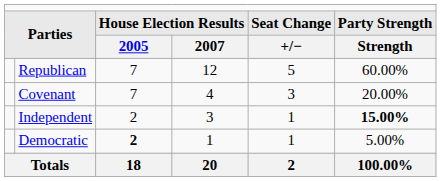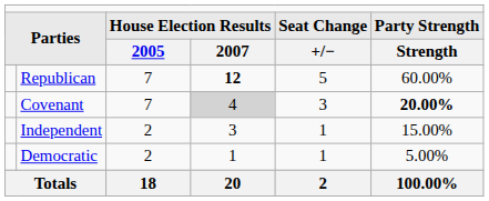 <table class   ="wikitable">
 <tr>
 <td colspan="6"></td>
 </tr>
 <tr>
 <th style   ="background:#e9e9e9; text-align:center" rowspan="2" colspan="2">Parties</th>
 <th style   ="background:#e9e9e9; text-align:center" colspan="2">House Election Results</th>
 <th style   ="background:#e9e9e9; text-align:center" colspan="1">Seat Change</th>
 <th style   ="background:#e9e9e9; text-align:center" colspan="1">Party Strength</th>
 </tr>
 <tr style ="background:#e9e9e9">
 <th><a href='#'>2005</a></th>
 <th>2007</th>
 <th>+/−</th>
 <th>Strength</th>
 </tr>
 <tr>
 <td style="background-color:"> </td>
 <td><a href='#'>Republican</a></td>
 <td align = center>7</td>
-<td align = center>12</td>
+<td align = center><strong>12</strong></td>
 <td align = center>5 </td>
 <td align = center>60.00%</td>
 </tr>
 <tr>
 <td style="background-color:"> </td>
 <td><a href='#'>Covenant</a></td>
 <td align = center>7</td>
-<td align = center>4</td>
+<td align = center style="background: lightgrey;">4</td>
 <td align = center>3 </td>
-<td align = center>20.00%</td>
+<td align = center><strong>20.00%</strong></td>
 </tr>
 <tr>
 <td style="background-color:"> </td>
 <td><a href='#'>Independent</a></td>
 <td align = center>2</td>
 <td align = center>3</td>
 <td align = center>1 </td>
-<td align = center><strong>15.00%</strong></td>
+<td align = center>15.00%</td>
 </tr>
 <tr>
 <td style="background-color:"> </td>
 <td><a href='#'>Democratic</a></td>
-<td align = center><strong>2</strong></td>
+<td align = center>2</td>
 <td align = center>1</td>
 <td align = center>1 </td>
 <td align = center>5.00%</td>
 </tr>
 <tr style = "background:#ccc">
 <th colspan = "2">Totals</th>
 <th>18</th>
 <th>20</th>
 <th>2 </th>
 <th>100.00%</th>
 </tr>
 </table>
